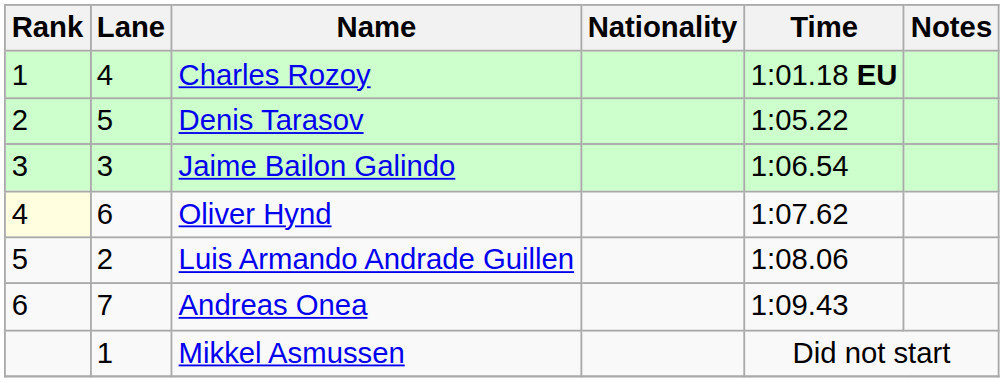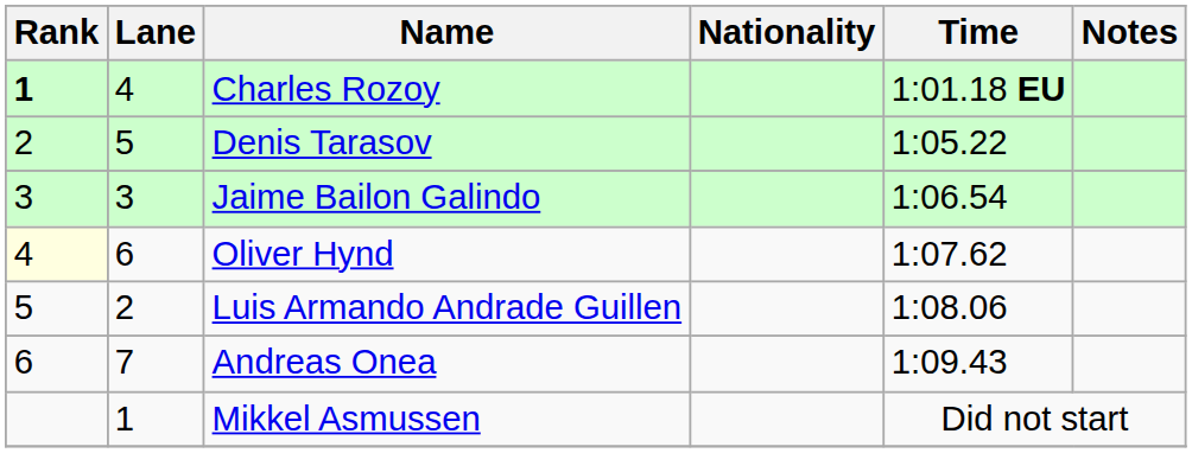 <table class="wikitable">
 <tr>
 <th>Rank</th>
 <th>Lane</th>
 <th>Name</th>
 <th>Nationality</th>
 <th>Time</th>
 <th>Notes</th>
 </tr>
 <tr bgcolor=ccffcc>
-<td>1</td>
+<td><strong>1</strong></td>
 <td>4</td>
 <td><a href='#'>Charles Rozoy</a></td>
 <td></td>
 <td>1:01.18 <strong>EU</strong></td>
 <td></td>
 </tr>
 <tr bgcolor=ccffcc>
 <td>2</td>
 <td>5</td>
 <td><a href='#'>Denis Tarasov</a></td>
 <td></td>
 <td>1:05.22</td>
 <td></td>
 </tr>
 <tr bgcolor=ccffcc>
 <td>3</td>
 <td>3</td>
 <td><a href='#'>Jaime Bailon Galindo</a></td>
 <td></td>
 <td>1:06.54</td>
 <td></td>
 </tr>
 <tr>
 <td style="background: lightyellow;">4</td>
 <td>6</td>
 <td><a href='#'>Oliver Hynd</a></td>
 <td></td>
 <td>1:07.62</td>
 <td></td>
 </tr>
 <tr>
 <td>5</td>
 <td>2</td>
 <td><a href='#'>Luis Armando Andrade Guillen</a></td>
 <td></td>
 <td>1:08.06</td>
 <td></td>
 </tr>
 <tr>
 <td>6</td>
 <td>7</td>
 <td><a href='#'>Andreas Onea</a></td>
 <td></td>
 <td>1:09.43</td>
 <td></td>
 </tr>
 <tr>
 <td></td>
 <td>1</td>
 <td><a href='#'>Mikkel Asmussen</a></td>
 <td></td>
 <td colspan=2 align=center>Did not start</td>
 </tr>
 <tr>
 </tr>
 </table>
